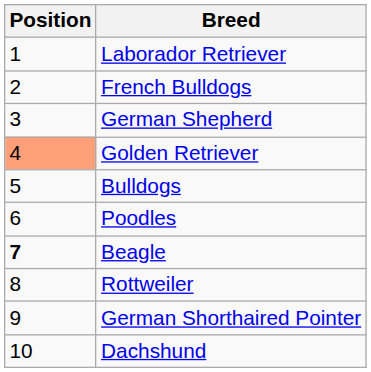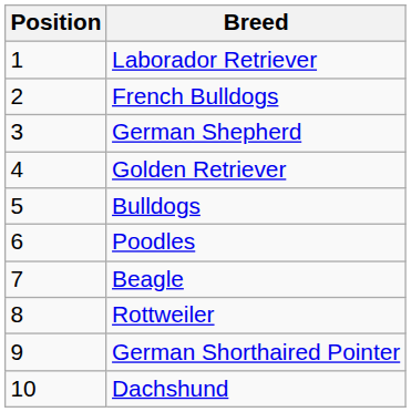 <table class="wikitable sortable">
 <tr>
 <th>Position</th>
 <th>Breed</th>
 </tr>
 <tr>
 <td>1</td>
 <td><a href='#'>Laborador Retriever</a></td>
 </tr>
 <tr>
 <td>2</td>
 <td><a href='#'>French Bulldogs</a></td>
 </tr>
 <tr>
 <td>3</td>
 <td><a href='#'>German Shepherd</a></td>
 </tr>
 <tr>
-<td style="background: lightsalmon;">4</td>
+<td>4</td>
 <td><a href='#'>Golden Retriever</a></td>
 </tr>
 <tr>
 <td>5</td>
 <td><a href='#'>Bulldogs</a></td>
 </tr>
 <tr>
 <td>6</td>
 <td><a href='#'>Poodles</a></td>
 </tr>
 <tr>
-<td><strong>7</strong></td>
+<td>7</td>
 <td><a href='#'>Beagle</a></td>
 </tr>
 <tr>
 <td>8</td>
 <td><a href='#'>Rottweiler</a></td>
 </tr>
 <tr>
 <td>9</td>
 <td><a href='#'>German Shorthaired Pointer</a></td>
 </tr>
 <tr>
 <td>10</td>
 <td><a href='#'>Dachshund</a></td>
 </tr>
 </table>
